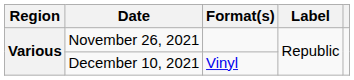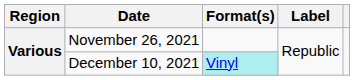 <table class="wikitable plainrowheaders">
 <tr>
 <th scope="col">Region</th>
 <th scope="col">Date</th>
 <th scope="col">Format(s)</th>
 <th scope="col">Label</th>
 <th scope="col"></th>
 </tr>
 <tr>
 <th rowspan="2" scope="row">Various</th>
 <td>November 26, 2021</td>
 <td></td>
 <td rowspan="2">Republic</td>
 <td rowspan="2" align="center"></td>
 </tr>
 <tr>
 <td>December 10, 2021</td>
-<td><a href='#'>Vinyl</a></td>
+<td style="background: paleturquoise;"><a href='#'>Vinyl</a></td>
 </tr>
 </table>
